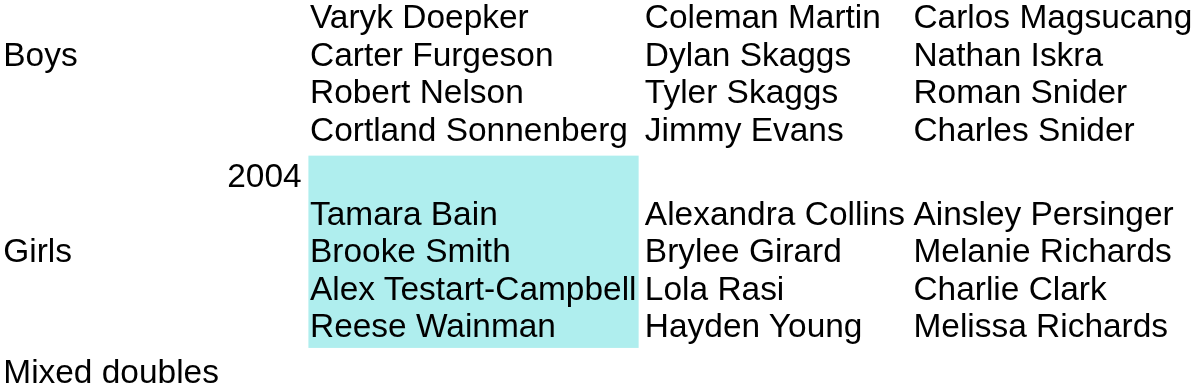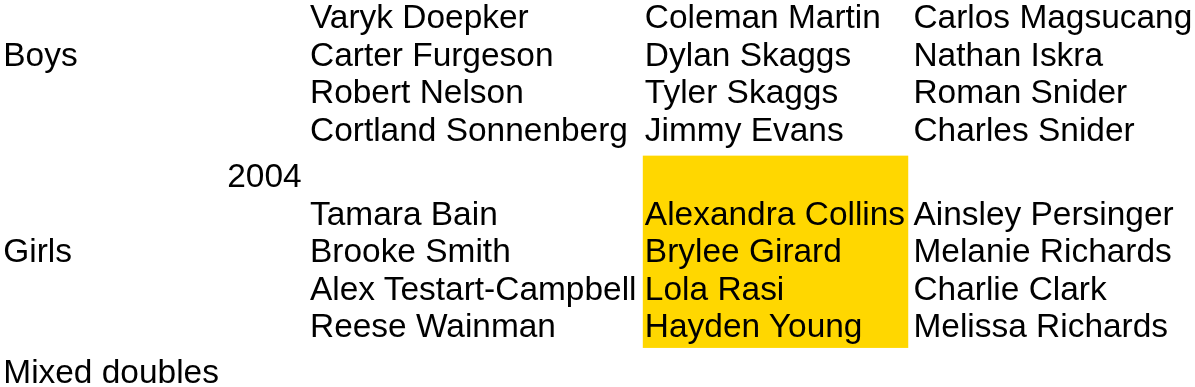 <table>
 <tr>
 <td>Boys</td>
 <td rowspan=3>2004</td>
 <td><br>Varyk Doepker<br>Carter Furgeson<br>Robert Nelson<br>Cortland Sonnenberg</td>
 <td><br>Coleman Martin<br>Dylan Skaggs<br>Tyler Skaggs<br>Jimmy Evans</td>
 <td><br>Carlos Magsucang<br>Nathan Iskra<br>Roman Snider<br>Charles Snider</td>
 </tr>
 <tr>
 <td>Girls</td>
-<td style="background: paleturquoise;"><br>Tamara Bain<br>Brooke Smith<br>Alex Testart-Campbell<br>Reese Wainman</td>
-<td><br>Alexandra Collins<br>Brylee Girard<br>Lola Rasi<br>Hayden Young</td>
+<td><br>Tamara Bain<br>Brooke Smith<br>Alex Testart-Campbell<br>Reese Wainman</td>
+<td style="background: gold;"><br>Alexandra Collins<br>Brylee Girard<br>Lola Rasi<br>Hayden Young</td>
 <td><br>Ainsley Persinger<br>Melanie Richards<br>Charlie Clark<br>Melissa Richards</td>
 </tr>
 <tr>
 <td>Mixed doubles</td>
 <td nowrap><br></td>
 <td nowrap><br></td>
 <td nowrap><br></td>
 </tr>
 </table>
